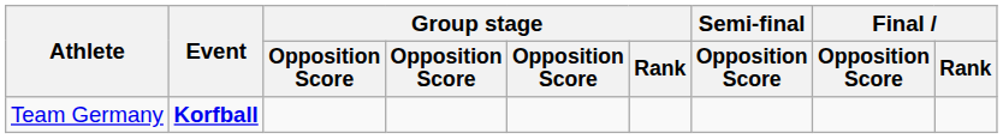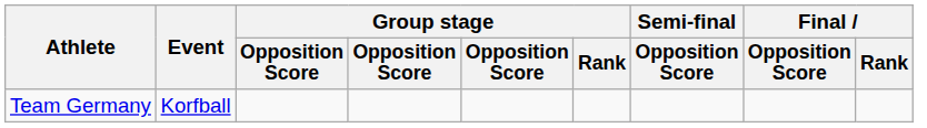 <table class="wikitable" style="font-size:90%">
 <tr>
 <th rowspan=2>Athlete</th>
 <th rowspan=2>Event</th>
 <th colspan=4>Group stage</th>
 <th>Semi-final</th>
 <th colspan=2>Final / </th>
 </tr>
 <tr style="font-size:95%">
 <th>Opposition<br>Score</th>
 <th>Opposition<br>Score</th>
 <th>Opposition<br>Score</th>
 <th>Rank</th>
 <th>Opposition<br>Score</th>
 <th>Opposition<br>Score</th>
 <th>Rank</th>
 </tr>
 <tr align=center>
 <td align=left><a href='#'>Team Germany</a></td>
-<td align=left><strong><a href='#'>Korfball</a></strong></td>
+<td align=left><a href='#'>Korfball</a></td>
 <td></td>
 <td></td>
 <td></td>
 <td></td>
 <td></td>
 <td></td>
 <td></td>
 </tr>
 </table>
